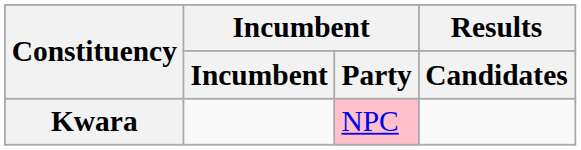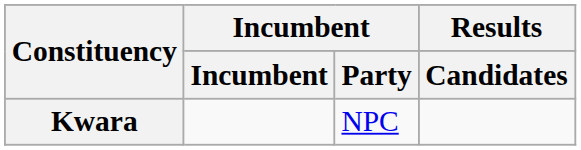 <table class="wikitable sortable">
 <tr>
 <th rowspan="2">Constituency</th>
 <th colspan="2">Incumbent</th>
 <th>Results</th>
 </tr>
 <tr valign="bottom">
 <th>Incumbent</th>
 <th>Party</th>
 <th>Candidates</th>
 </tr>
 <tr>
 <th>Kwara</th>
 <td></td>
-<td style="background: pink;"><a href='#'>NPC</a></td>
+<td><a href='#'>NPC</a></td>
 <td nowrap=""></td>
 </tr>
 </table>
